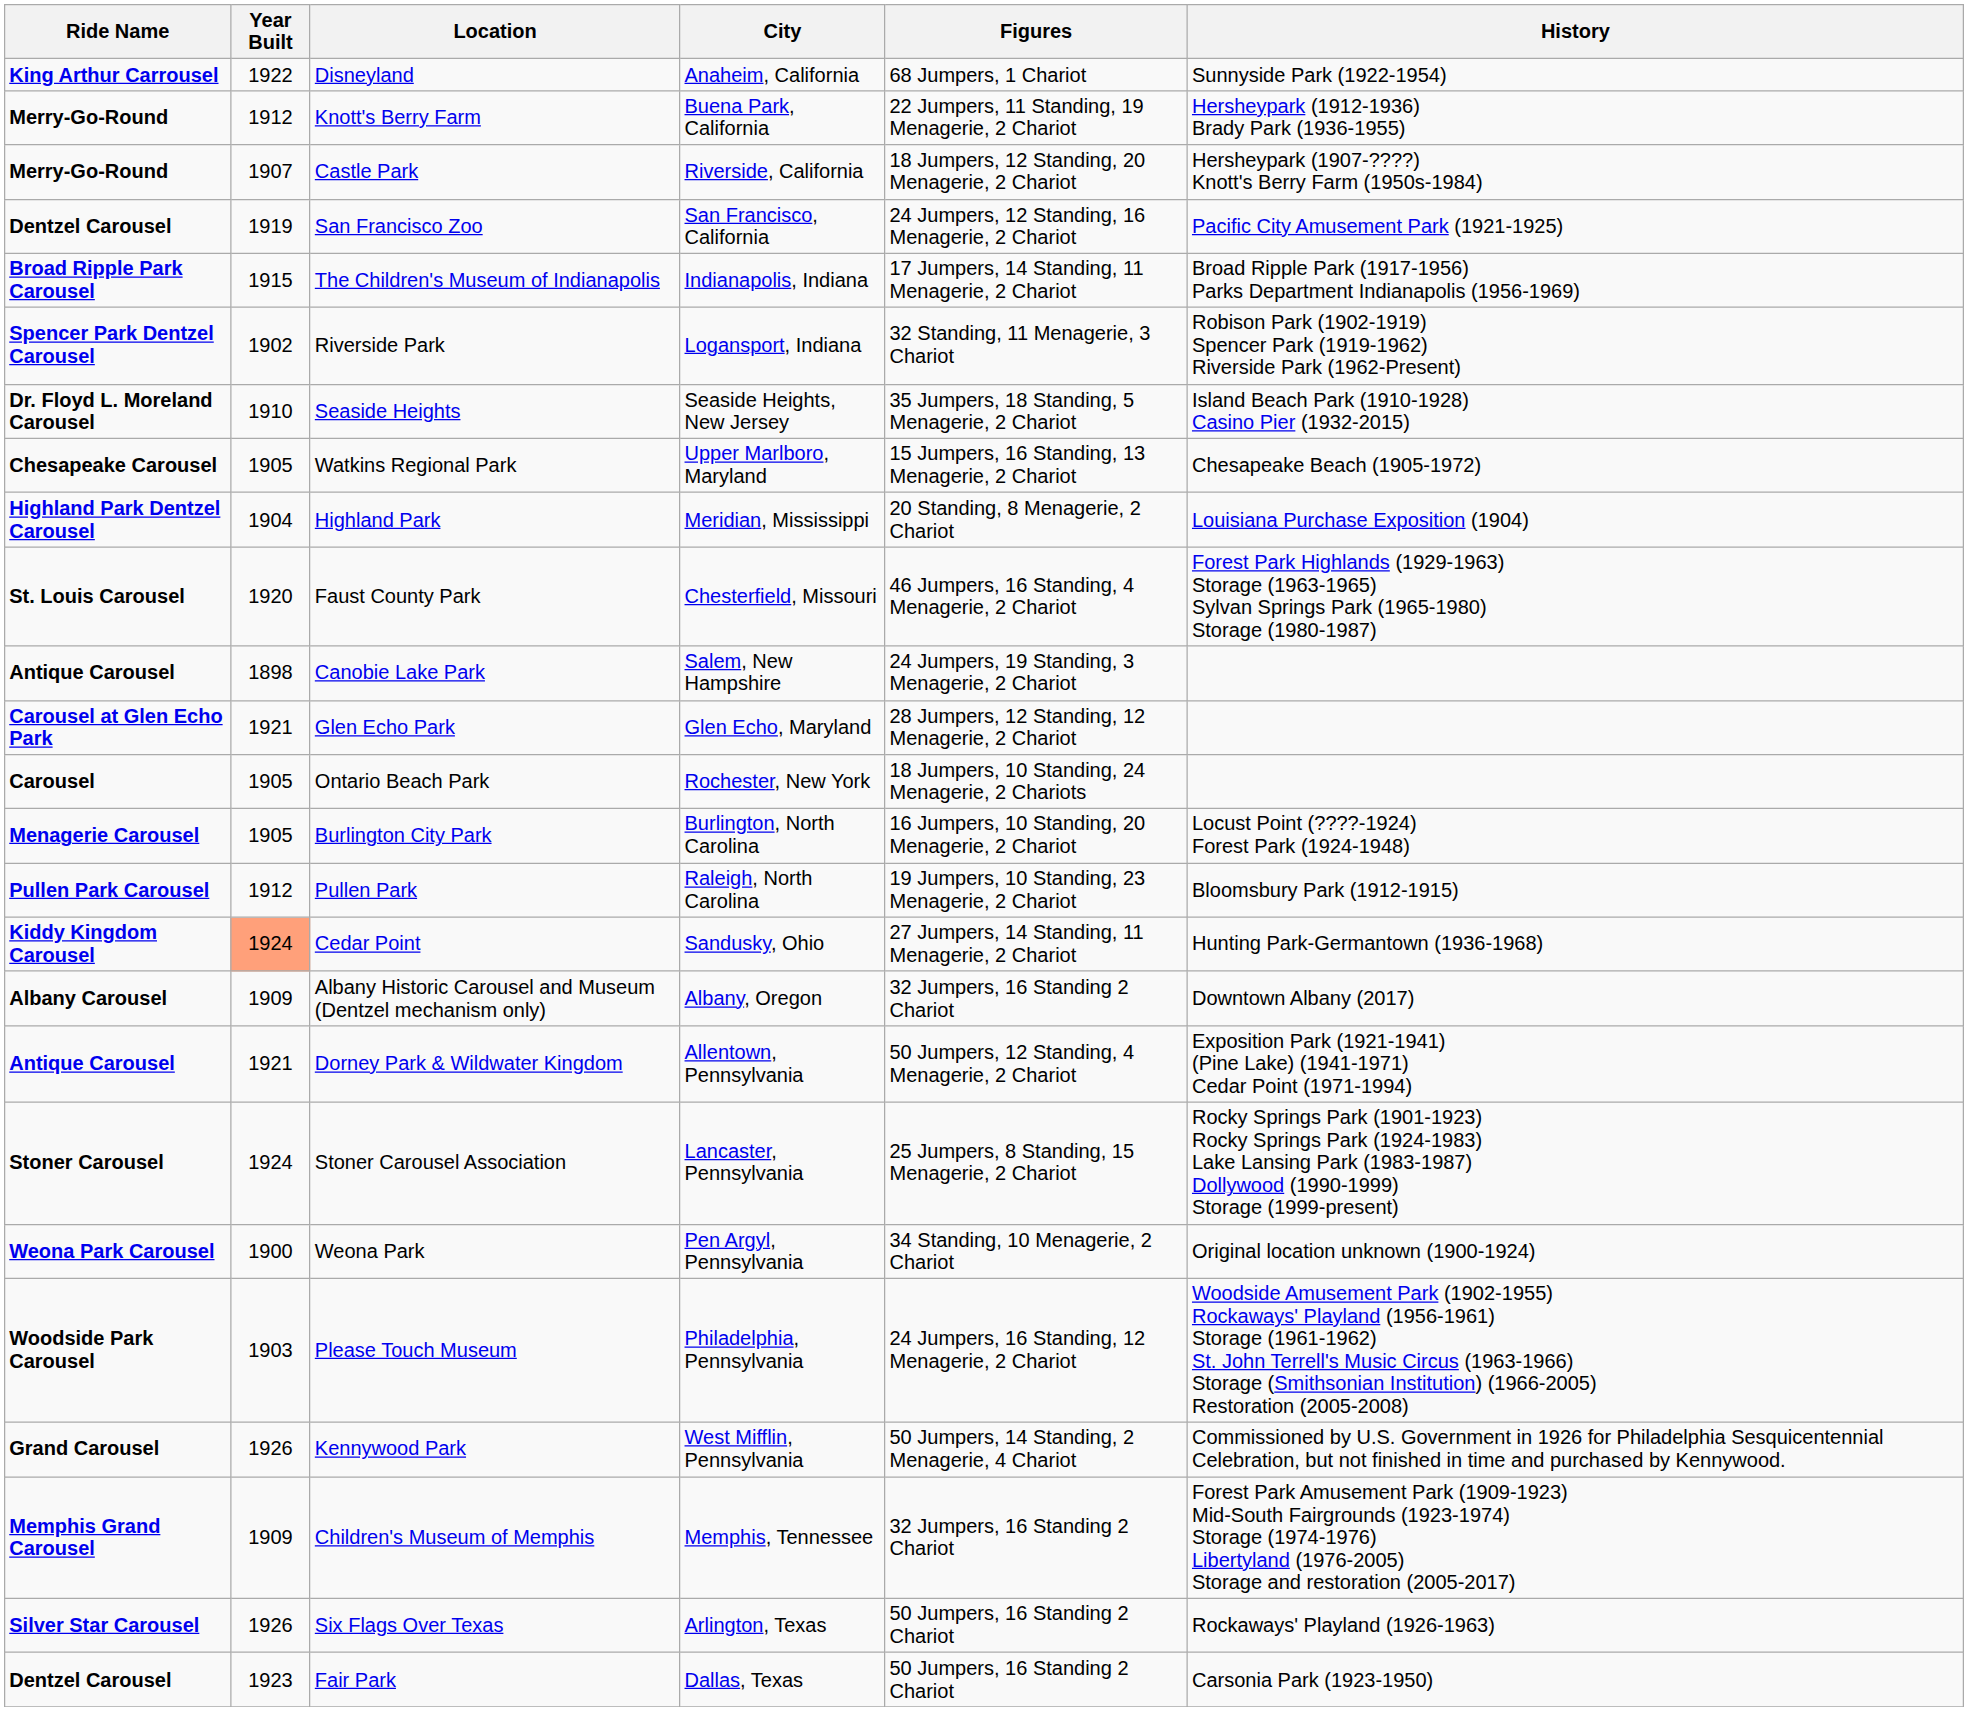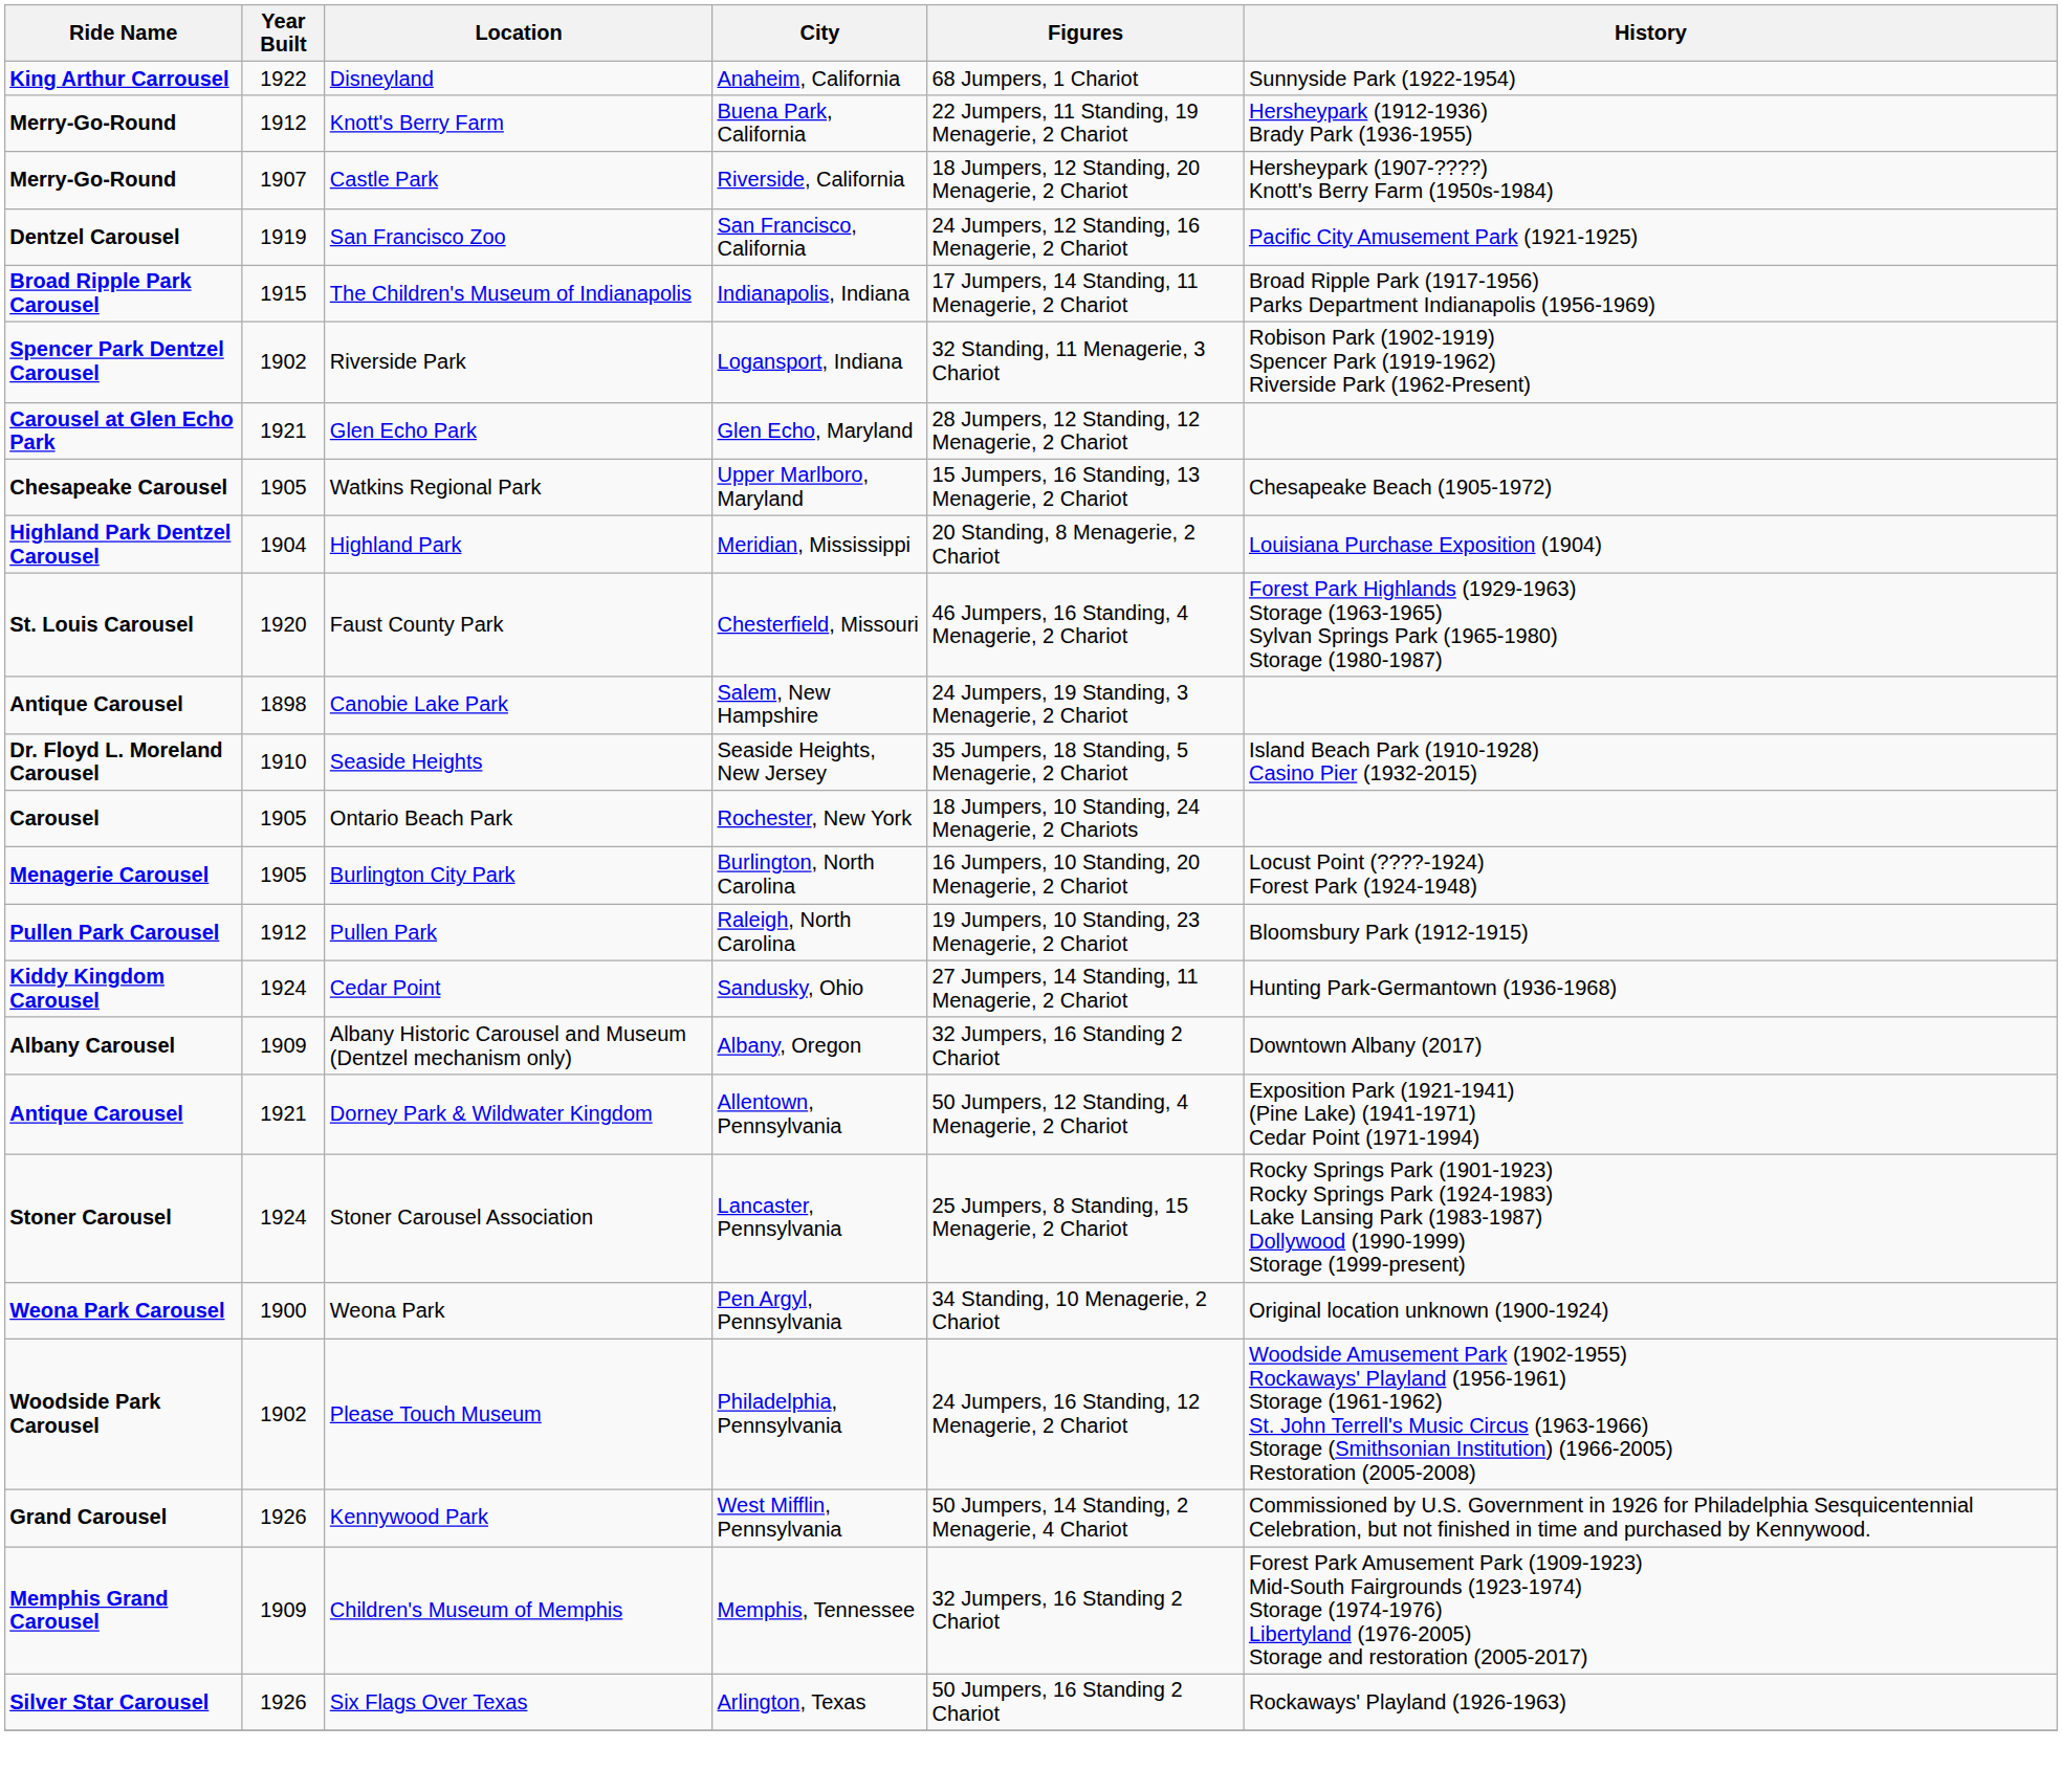 <table class="wikitable sortable">
 <tr>
 <th>Ride Name</th>
 <th>Year Built</th>
 <th>Location</th>
 <th>City</th>
 <th>Figures</th>
 <th>History</th>
 </tr>
 <tr>
 <td><strong><a href='#'>King Arthur Carrousel</a></strong></td>
 <td align=center>1922</td>
 <td><a href='#'>Disneyland</a></td>
 <td><a href='#'>Anaheim</a>, California</td>
 <td>68 Jumpers, 1 Chariot</td>
 <td>Sunnyside Park (1922-1954)</td>
 </tr>
 <tr>
 <td><strong>Merry-Go-Round</strong></td>
 <td align=center>1912</td>
 <td><a href='#'>Knott's Berry Farm</a></td>
 <td><a href='#'>Buena Park</a>, California</td>
 <td>22 Jumpers, 11 Standing, 19 Menagerie, 2 Chariot</td>
 <td><a href='#'>Hersheypark</a> (1912-1936)<br>Brady Park (1936-1955)</td>
 </tr>
 <tr>
 <td><strong>Merry-Go-Round</strong></td>
 <td align=center>1907</td>
 <td><a href='#'>Castle Park</a></td>
 <td><a href='#'>Riverside</a>, California</td>
 <td>18 Jumpers, 12 Standing, 20 Menagerie, 2 Chariot</td>
 <td>Hersheypark (1907-????)<br>Knott's Berry Farm (1950s-1984)</td>
 </tr>
 <tr>
 <td><strong>Dentzel Carousel</strong></td>
 <td align=center>1919</td>
 <td><a href='#'>San Francisco Zoo</a></td>
 <td><a href='#'>San Francisco</a>, California</td>
 <td>24 Jumpers, 12 Standing, 16 Menagerie, 2 Chariot</td>
 <td><a href='#'>Pacific City Amusement Park</a> (1921-1925)</td>
 </tr>
 <tr>
 <td><strong><a href='#'>Broad Ripple Park Carousel</a></strong></td>
 <td align=center>1915</td>
 <td><a href='#'>The Children's Museum of Indianapolis</a></td>
 <td><a href='#'>Indianapolis</a>, Indiana</td>
 <td>17 Jumpers, 14 Standing, 11 Menagerie, 2 Chariot</td>
 <td>Broad Ripple Park (1917-1956)<br>Parks Department Indianapolis (1956-1969)</td>
 </tr>
 <tr>
 <td><strong><a href='#'>Spencer Park Dentzel Carousel</a></strong></td>
 <td align=center>1902</td>
 <td>Riverside Park</td>
 <td><a href='#'>Logansport</a>, Indiana</td>
 <td>32 Standing, 11 Menagerie, 3 Chariot</td>
 <td>Robison Park (1902-1919)<br>Spencer Park (1919-1962)<br>Riverside Park (1962-Present)</td>
 </tr>
 <tr>
-<td><strong>Dr. Floyd L. Moreland Carousel</strong></td>
-<td align=center>1910</td>
-<td><a href='#'>Seaside Heights</a></td>
-<td>Seaside Heights, New Jersey</td>
-<td>35 Jumpers, 18 Standing, 5 Menagerie, 2 Chariot</td>
-<td>Island Beach Park (1910-1928)<br><a href='#'>Casino Pier</a> (1932-2015)</td>
+<td><strong><a href='#'>Carousel at Glen Echo Park</a></strong></td>
+<td align=center>1921</td>
+<td><a href='#'>Glen Echo Park</a></td>
+<td><a href='#'>Glen Echo</a>, Maryland</td>
+<td>28 Jumpers, 12 Standing, 12 Menagerie, 2 Chariot</td>
+<td></td>
 </tr>
 <tr>
 <td><strong>Chesapeake Carousel</strong></td>
 <td align=center>1905</td>
 <td>Watkins Regional Park</td>
 <td><a href='#'>Upper Marlboro</a>, Maryland</td>
 <td>15 Jumpers, 16 Standing, 13 Menagerie, 2 Chariot</td>
 <td>Chesapeake Beach (1905-1972)</td>
 </tr>
 <tr>
 <td><strong><a href='#'>Highland Park Dentzel Carousel</a></strong></td>
 <td align=center>1904</td>
 <td><a href='#'>Highland Park</a></td>
 <td><a href='#'>Meridian</a>, Mississippi</td>
 <td>20 Standing, 8 Menagerie, 2 Chariot</td>
 <td><a href='#'>Louisiana Purchase Exposition</a> (1904)</td>
 </tr>
 <tr>
 <td><strong>St. Louis Carousel</strong></td>
 <td align=center>1920</td>
 <td>Faust County Park</td>
 <td><a href='#'>Chesterfield</a>, Missouri</td>
 <td>46 Jumpers, 16 Standing, 4 Menagerie, 2 Chariot</td>
 <td><a href='#'>Forest Park Highlands</a> (1929-1963)<br>Storage (1963-1965)<br>Sylvan Springs Park (1965-1980)<br>Storage (1980-1987)</td>
 </tr>
 <tr>
 <td><strong>Antique Carousel</strong></td>
 <td align=center>1898</td>
 <td><a href='#'>Canobie Lake Park</a></td>
 <td><a href='#'>Salem</a>, New Hampshire</td>
 <td>24 Jumpers, 19 Standing, 3 Menagerie, 2 Chariot</td>
 <td></td>
 </tr>
 <tr>
-<td><strong><a href='#'>Carousel at Glen Echo Park</a></strong></td>
-<td align=center>1921</td>
-<td><a href='#'>Glen Echo Park</a></td>
-<td><a href='#'>Glen Echo</a>, Maryland</td>
-<td>28 Jumpers, 12 Standing, 12 Menagerie, 2 Chariot</td>
-<td></td>
+<td><strong>Dr. Floyd L. Moreland Carousel</strong></td>
+<td align=center>1910</td>
+<td><a href='#'>Seaside Heights</a></td>
+<td>Seaside Heights, New Jersey</td>
+<td>35 Jumpers, 18 Standing, 5 Menagerie, 2 Chariot</td>
+<td>Island Beach Park (1910-1928)<br><a href='#'>Casino Pier</a> (1932-2015)</td>
 </tr>
 <tr>
 <td><strong>Carousel</strong></td>
 <td align=center>1905</td>
 <td>Ontario Beach Park</td>
 <td><a href='#'>Rochester</a>, New York</td>
 <td>18 Jumpers, 10 Standing, 24 Menagerie, 2 Chariots</td>
 <td></td>
 </tr>
 <tr>
 <td><strong><a href='#'>Menagerie Carousel</a></strong></td>
 <td align=center>1905</td>
 <td><a href='#'>Burlington City Park</a></td>
 <td><a href='#'>Burlington</a>, North Carolina</td>
 <td>16 Jumpers, 10 Standing, 20 Menagerie, 2 Chariot</td>
 <td>Locust Point (????-1924)<br>Forest Park (1924-1948)</td>
 </tr>
 <tr>
 <td><strong><a href='#'>Pullen Park Carousel</a></strong></td>
 <td align=center>1912</td>
 <td><a href='#'>Pullen Park</a></td>
 <td><a href='#'>Raleigh</a>, North Carolina</td>
 <td>19 Jumpers, 10 Standing, 23 Menagerie, 2 Chariot</td>
 <td>Bloomsbury Park (1912-1915)</td>
 </tr>
 <tr>
 <td><strong><a href='#'>Kiddy Kingdom Carousel</a></strong></td>
-<td align=center style="background: lightsalmon;">1924</td>
+<td align=center>1924</td>
 <td><a href='#'>Cedar Point</a></td>
 <td><a href='#'>Sandusky</a>, Ohio</td>
 <td>27 Jumpers, 14 Standing, 11 Menagerie, 2 Chariot</td>
 <td>Hunting Park-Germantown (1936-1968)</td>
 </tr>
 <tr>
 <td><strong>Albany Carousel</strong></td>
 <td align=center>1909</td>
 <td>Albany Historic Carousel and Museum (Dentzel mechanism only)</td>
 <td><a href='#'>Albany</a>, Oregon</td>
 <td>32 Jumpers, 16 Standing 2 Chariot</td>
 <td>Downtown Albany (2017)</td>
 </tr>
 <tr>
 <td><strong><a href='#'>Antique Carousel</a></strong></td>
 <td align=center>1921</td>
 <td><a href='#'>Dorney Park & Wildwater Kingdom</a></td>
 <td><a href='#'>Allentown</a>, Pennsylvania</td>
 <td>50 Jumpers, 12 Standing, 4 Menagerie, 2 Chariot</td>
 <td>Exposition Park (1921-1941)<br> (Pine Lake) (1941-1971)<br>Cedar Point (1971-1994)</td>
 </tr>
 <tr>
 <td><strong>Stoner Carousel</strong></td>
 <td align=center>1924</td>
 <td>Stoner Carousel Association</td>
 <td><a href='#'>Lancaster</a>, Pennsylvania</td>
 <td>25 Jumpers, 8 Standing, 15 Menagerie, 2 Chariot</td>
 <td>Rocky Springs Park (1901-1923)<br>Rocky Springs Park (1924-1983)<br>Lake Lansing Park (1983-1987)<br><a href='#'>Dollywood</a> (1990-1999)<br>Storage (1999-present)</td>
 </tr>
 <tr>
 <td><strong><a href='#'>Weona Park Carousel</a></strong></td>
 <td align=center>1900</td>
 <td>Weona Park</td>
 <td><a href='#'>Pen Argyl</a>, Pennsylvania</td>
 <td>34 Standing, 10 Menagerie, 2 Chariot</td>
 <td>Original location unknown (1900-1924)</td>
 </tr>
 <tr>
 <td><strong>Woodside Park Carousel</strong></td>
-<td align=center>1903</td>
+<td align=center>1902</td>
 <td><a href='#'>Please Touch Museum</a></td>
 <td><a href='#'>Philadelphia</a>, Pennsylvania</td>
 <td>24 Jumpers, 16 Standing, 12 Menagerie, 2 Chariot</td>
 <td><a href='#'>Woodside Amusement Park</a> (1902-1955)<br><a href='#'>Rockaways' Playland</a> (1956-1961)<br>Storage (1961-1962)<br><a href='#'>St. John Terrell's Music Circus</a> (1963-1966)<br>Storage (<a href='#'>Smithsonian Institution</a>) (1966-2005)<br>Restoration (2005-2008)</td>
 </tr>
 <tr>
 <td><strong>Grand Carousel</strong></td>
 <td align=center>1926</td>
 <td><a href='#'>Kennywood Park</a></td>
 <td><a href='#'>West Mifflin</a>, Pennsylvania</td>
 <td>50 Jumpers, 14 Standing, 2 Menagerie, 4 Chariot</td>
 <td>Commissioned by U.S. Government in 1926 for Philadelphia Sesquicentennial Celebration, but not finished in time and purchased by Kennywood.</td>
 </tr>
 <tr>
 <td><strong><a href='#'>Memphis Grand Carousel</a></strong></td>
 <td align=center>1909</td>
 <td><a href='#'>Children's Museum of Memphis</a></td>
 <td><a href='#'>Memphis</a>, Tennessee</td>
 <td>32 Jumpers, 16 Standing 2 Chariot</td>
 <td>Forest Park Amusement Park (1909-1923)<br>Mid-South Fairgrounds (1923-1974)<br>Storage (1974-1976)<br><a href='#'>Libertyland</a> (1976-2005)<br>Storage and restoration (2005-2017)</td>
 </tr>
 <tr>
 <td><strong><a href='#'>Silver Star Carousel</a></strong></td>
 <td align=center>1926</td>
 <td><a href='#'>Six Flags Over Texas</a></td>
 <td><a href='#'>Arlington</a>, Texas</td>
 <td>50 Jumpers, 16 Standing 2 Chariot</td>
 <td>Rockaways' Playland (1926-1963)</td>
 </tr>
 <tr>
-<td><strong>Dentzel Carousel</strong></td>
-<td align=center>1923</td>
-<td><a href='#'>Fair Park</a></td>
-<td><a href='#'>Dallas</a>, Texas</td>
-<td>50 Jumpers, 16 Standing 2 Chariot</td>
-<td>Carsonia Park (1923-1950)</td>
-</tr>
-<tr>
 </tr>
 </table>
